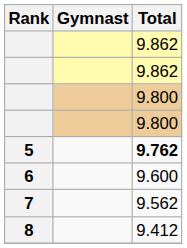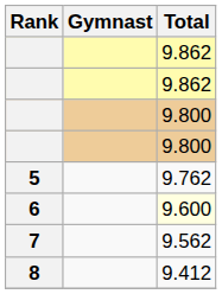 <table class="wikitable sortable" style="text-align:center; font-size:95%">
 <tr>
 <th scope=col>Rank</th>
 <th scope=col>Gymnast</th>
 <th scope=col>Total</th>
 </tr>
 <tr bgcolor=fffcaf>
 <th scope=row style="text-align:center"></th>
 <td align=left></td>
 <td>9.862</td>
 </tr>
 <tr bgcolor=fffcaf>
 <th scope=row style="text-align:center"></th>
 <td align=left></td>
 <td>9.862</td>
 </tr>
 <tr bgcolor=eecc99>
 <th scope=row style="text-align:center"></th>
 <td align=left></td>
 <td>9.800</td>
 </tr>
 <tr bgcolor=eecc99>
 <th scope=row style="text-align:center"></th>
 <td align=left></td>
 <td>9.800</td>
 </tr>
 <tr>
 <th scope=row style="text-align:center">5</th>
 <td align=left></td>
-<td><strong>9.762</strong></td>
+<td>9.762</td>
 </tr>
 <tr>
 <th scope=row style="text-align:center">6</th>
 <td align=left></td>
-<td>9.600</td>
+<td style="background: lightyellow;">9.600</td>
 </tr>
 <tr>
 <th scope=row style="text-align:center">7</th>
 <td align=left></td>
 <td>9.562</td>
 </tr>
 <tr>
 <th scope=row style="text-align:center">8</th>
 <td align=left></td>
 <td>9.412</td>
 </tr>
 <tr>
 </tr>
 </table>
